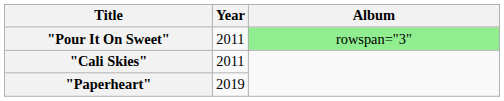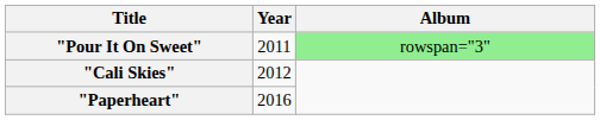 <table class="wikitable plainrowheaders" style="text-align:center">
 <tr>
 <th scope="col" style="width:14em;">Title</th>
 <th scope="col" style="width:1em;">Year</th>
 <th scope="col" style="width:17em;">Album</th>
 </tr>
 <tr>
 <th scope="row">"Pour It On Sweet"</th>
 <td>2011</td>
 <td style="background: lightgreen;">rowspan="3" </td>
 </tr>
 <tr>
 <th scope="row">"Cali Skies"</th>
-<td>2011</td>
+<td>2012</td>
 </tr>
 <tr>
 <th scope="row">"Paperheart"</th>
-<td>2019</td>
+<td>2016</td>
 </tr>
 </table>
